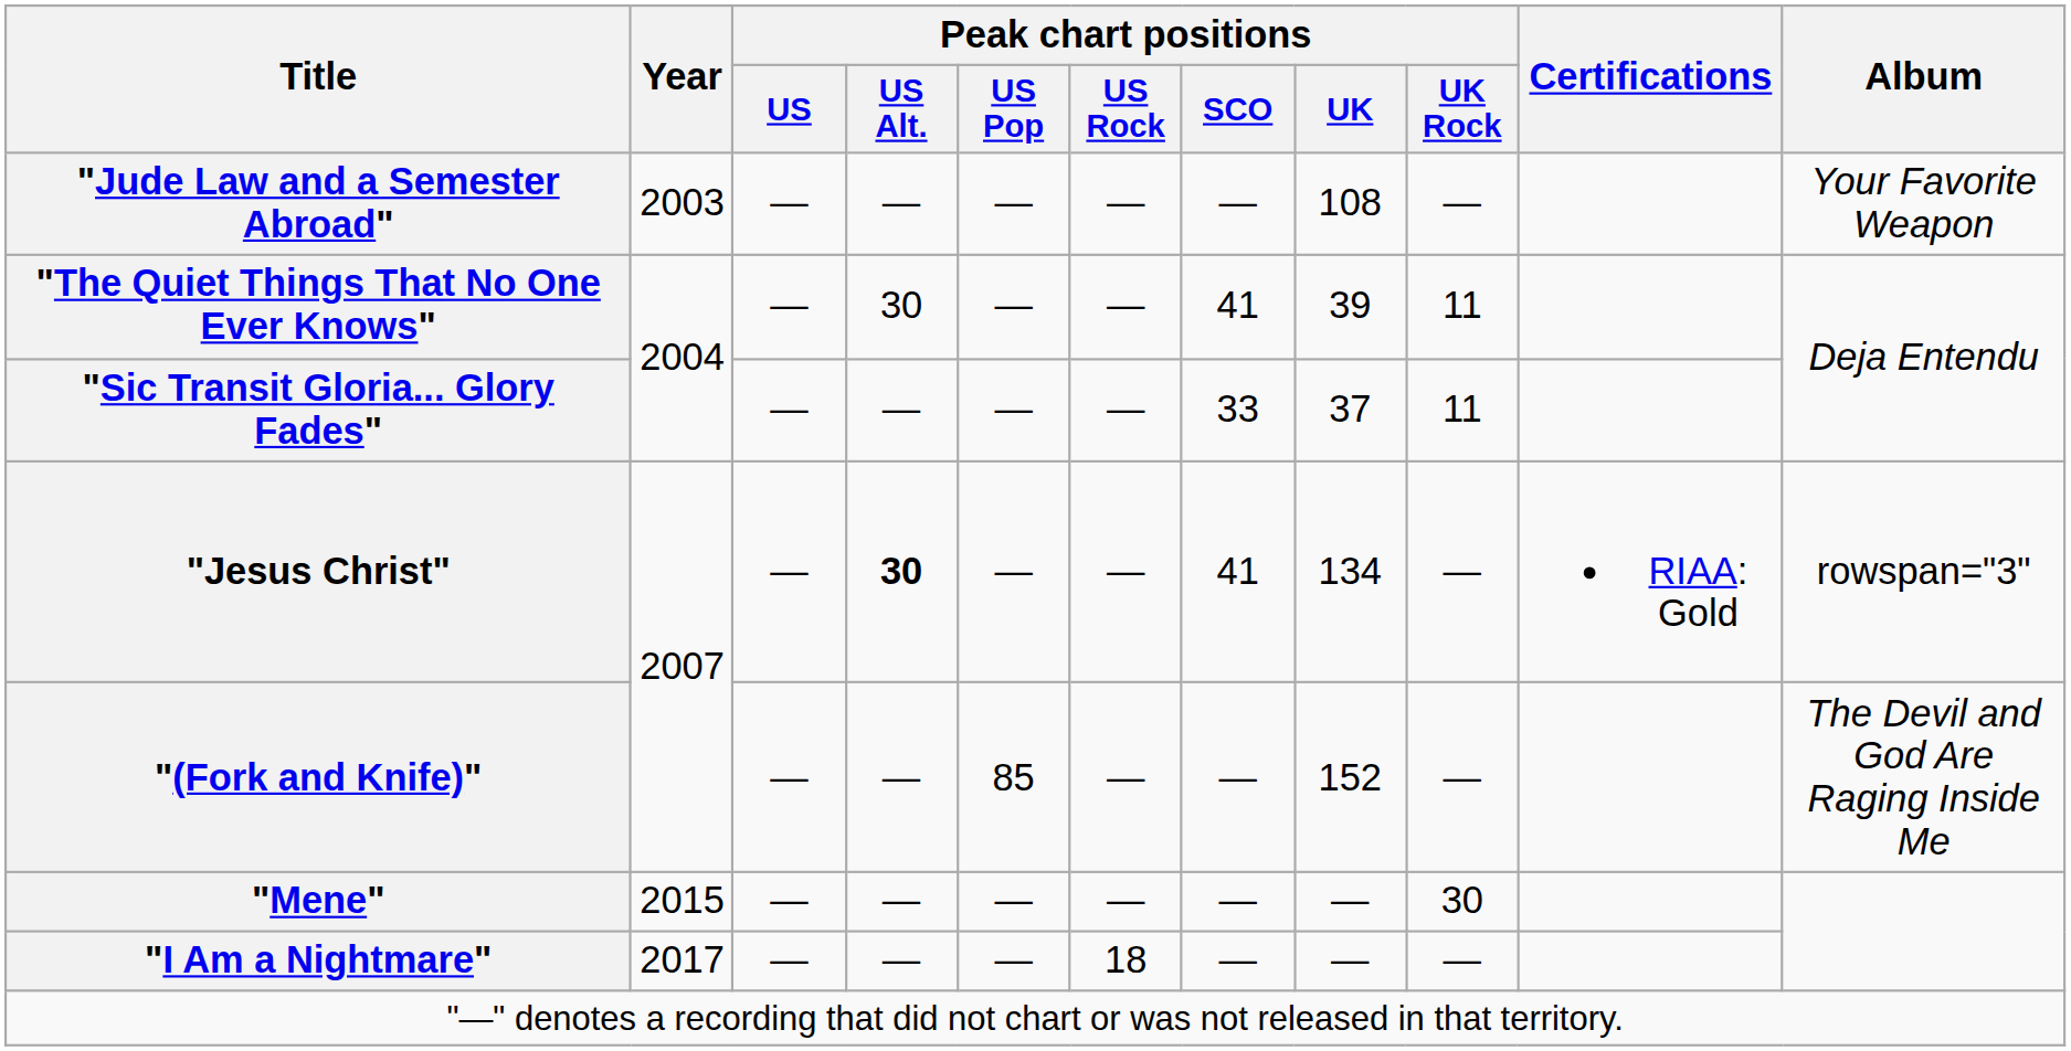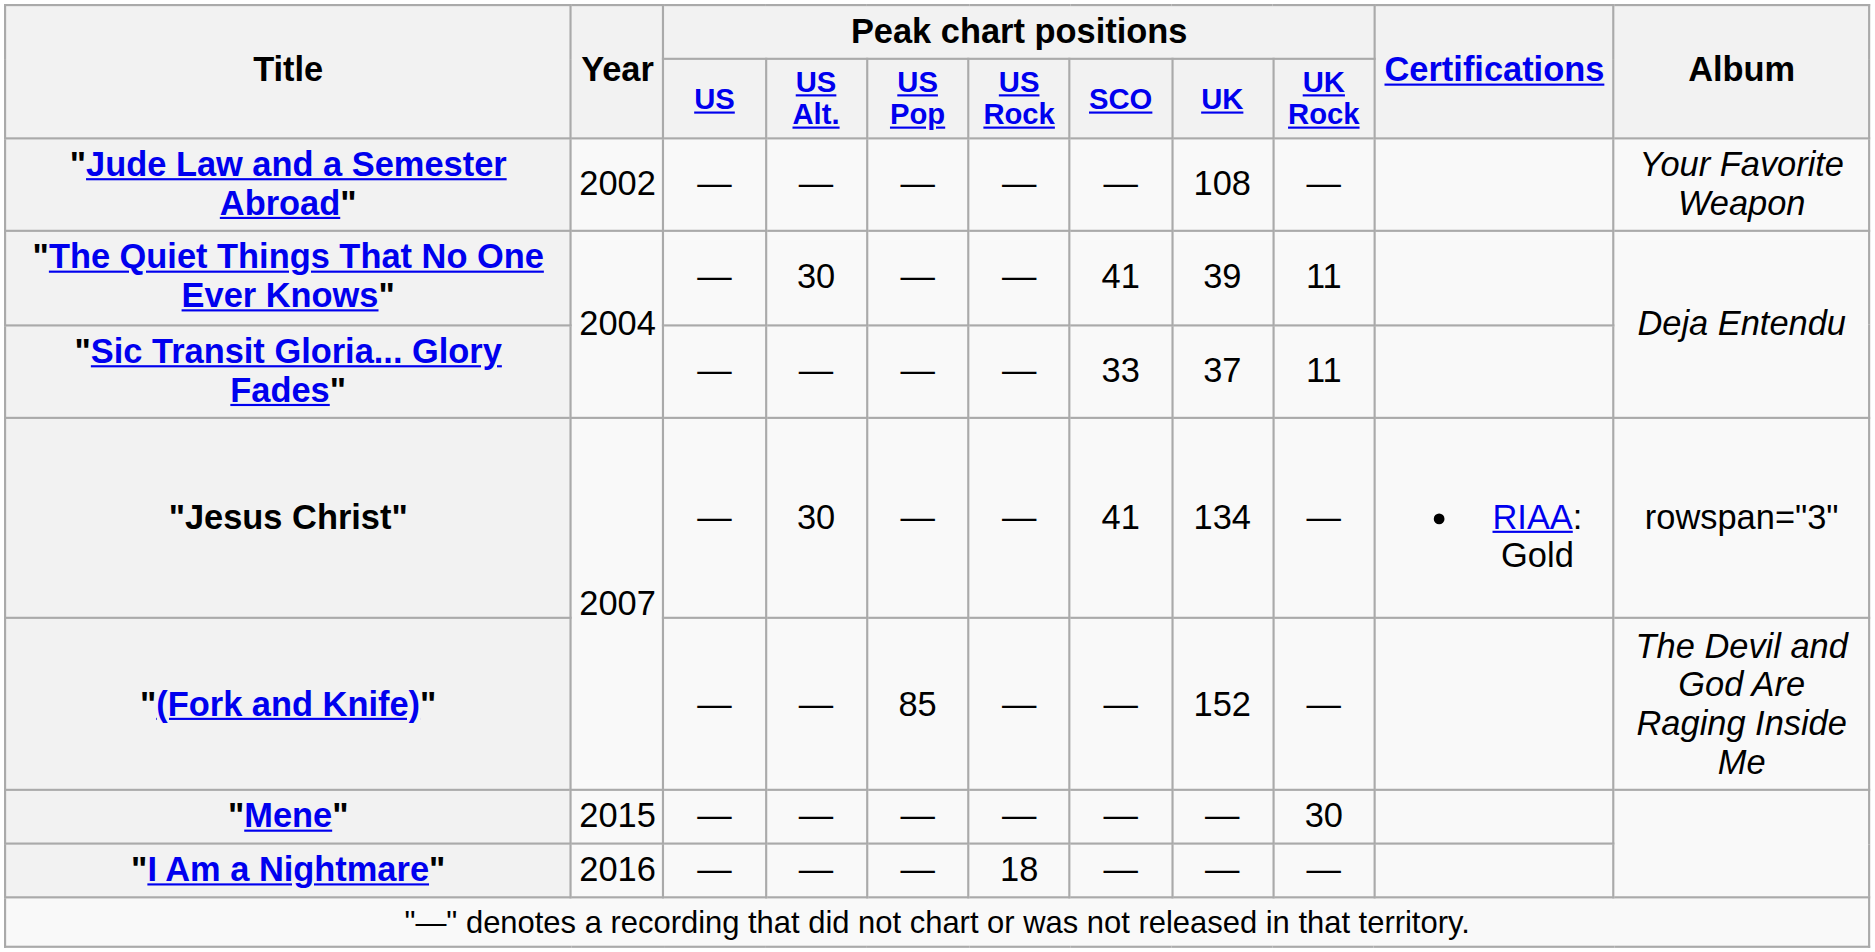 <table class="wikitable plainrowheaders" style="text-align:center;">
 <tr>
 <th scope="col" rowspan="2" style="width:16em;">Title</th>
 <th scope="col" rowspan="2">Year</th>
 <th scope="col" colspan="7">Peak chart positions</th>
 <th rowspan="2"><a href='#'>Certifications</a></th>
 <th scope="col" rowspan="2">Album</th>
 </tr>
 <tr>
 <th scope="col" style="width:3em;font-size:85%;"><a href='#'>US</a><br></th>
 <th scope="col" style="width:3em;font-size:85%;"><a href='#'>US<br>Alt.</a><br></th>
 <th scope="col" style="width:3em;font-size:85%;"><a href='#'>US<br>Pop</a><br></th>
 <th scope="col" style="width:3em;font-size:85%;"><a href='#'>US<br>Rock</a><br></th>
 <th scope="col" style="width:3em;font-size:85%;"><a href='#'>SCO</a><br></th>
 <th scope="col" style="width:3em;font-size:85%;"><a href='#'>UK</a><br></th>
 <th scope="col" style="width:3em;font-size:85%;"><a href='#'>UK<br>Rock</a><br></th>
 </tr>
 <tr>
 <th scope="row">"<a href='#'>Jude Law and a Semester Abroad</a>"</th>
-<td>2003</td>
+<td>2002</td>
 <td>—</td>
 <td>—</td>
 <td>—</td>
 <td>—</td>
 <td>—</td>
 <td>108</td>
 <td>—</td>
 <td></td>
 <td><em>Your Favorite Weapon</em></td>
 </tr>
 <tr>
 <th scope="row">"<a href='#'>The Quiet Things That No One Ever Knows</a>"</th>
 <td rowspan="2">2004</td>
 <td>—</td>
 <td>30</td>
 <td>—</td>
 <td>—</td>
 <td>41</td>
 <td>39</td>
 <td>11</td>
 <td></td>
 <td rowspan="2"><em>Deja Entendu</em></td>
 </tr>
 <tr>
 <th scope="row">"<a href='#'>Sic Transit Gloria... Glory Fades</a>"</th>
 <td>—</td>
 <td>—</td>
 <td>—</td>
 <td>—</td>
 <td>33</td>
 <td>37</td>
 <td>11</td>
 <td></td>
 </tr>
 <tr>
 <th scope="row">"Jesus Christ"</th>
 <td rowspan="2">2007</td>
 <td>—</td>
-<td><strong>30</strong></td>
+<td>30</td>
 <td>—</td>
 <td>—</td>
 <td>41</td>
 <td>134</td>
 <td>—</td>
 <td><br><ul><li><a href='#'>RIAA</a>: Gold</li></ul></td>
 <td>rowspan="3" </td>
 </tr>
 <tr>
 <th scope="row">"<a href='#'>(Fork and Knife)</a>"</th>
 <td>—</td>
 <td>—</td>
 <td>85</td>
 <td>—</td>
 <td>—</td>
 <td>152</td>
 <td>—</td>
 <td></td>
 <td rowspan="1"><em>The Devil and God Are Raging Inside Me</em></td>
 </tr>
 <tr>
 <th scope="row">"<a href='#'>Mene</a>"</th>
 <td>2015</td>
 <td>—</td>
 <td>—</td>
 <td>—</td>
 <td>—</td>
 <td>—</td>
 <td>—</td>
 <td>30</td>
 <td></td>
 </tr>
 <tr>
 <th scope="row">"<a href='#'>I Am a Nightmare</a>"</th>
-<td>2017</td>
+<td>2016</td>
 <td>—</td>
 <td>—</td>
 <td>—</td>
 <td>18</td>
 <td>—</td>
 <td>—</td>
 <td>—</td>
 <td></td>
 </tr>
 <tr>
 <td colspan="13" style="font-size:90%">"—" denotes a recording that did not chart or was not released in that territory.</td>
 </tr>
 </table>
